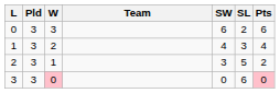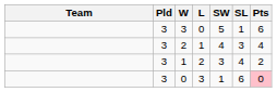 <table class=wikitable style="text-align:center">
 <tr>
-<th width=20>L</th>
+<th width=220>Team</th>
 <th width=20>Pld</th>
 <th width=20>W</th>
-<th width=220>Team</th>
+<th width=20>L</th>
 <th width=20>SW</th>
 <th width=20>SL</th>
 <th width=20>Pts</th>
 </tr>
 <tr>
-<td>0</td>
+<td align=left></td>
 <td>3</td>
 <td>3</td>
-<td align=left></td>
-<td>6</td>
-<td>2</td>
+<td>0</td>
+<td>5</td>
+<td>1</td>
 <td>6</td>
 </tr>
 <tr>
-<td>1</td>
+<td align=left></td>
 <td>3</td>
 <td>2</td>
-<td align=left></td>
+<td>1</td>
 <td>4</td>
 <td>3</td>
 <td>4</td>
 </tr>
 <tr>
+<td align=left></td>
+<td>3</td>
+<td>1</td>
 <td>2</td>
 <td>3</td>
-<td>1</td>
-<td align=left></td>
-<td>3</td>
-<td>5</td>
+<td>4</td>
 <td>2</td>
 </tr>
 <tr>
+<td align=left></td>
 <td>3</td>
+<td>0</td>
 <td>3</td>
-<td style="background: pink;">0</td>
-<td align=left></td>
-<td>0</td>
+<td>1</td>
 <td>6</td>
 <td style="background: pink;">0</td>
 </tr>
 </table>
